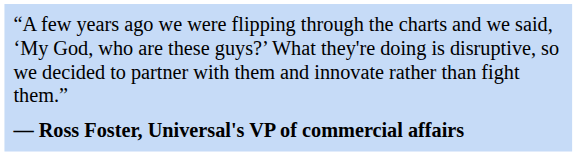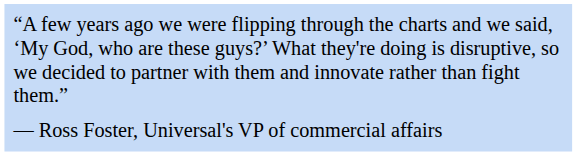 <table class="toccolours" style="float: right; margin-left: 1em; margin-right: 2em; font-size: 85%; background:#c6dbf7; color:black; width:28em; max-width: 40%;" cellspacing="5">
 <tr>
 <td style="text-align: left;">“A few years ago we were flipping through the charts and we said, ‘My God, who are these guys?’ What they're doing is disruptive, so we decided to partner with them and innovate rather than fight them.”</td>
 </tr>
 <tr>
-<td style="text-align: left;"><strong>— Ross Foster, Universal's VP of commercial affairs</strong></td>
+<td style="text-align: left;">— Ross Foster, Universal's VP of commercial affairs</td>
 </tr>
 </table>
